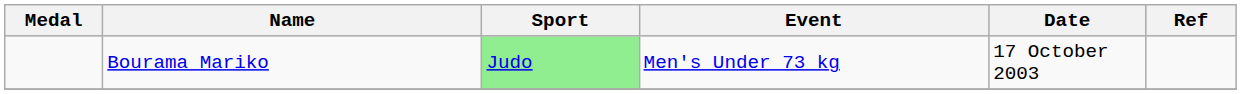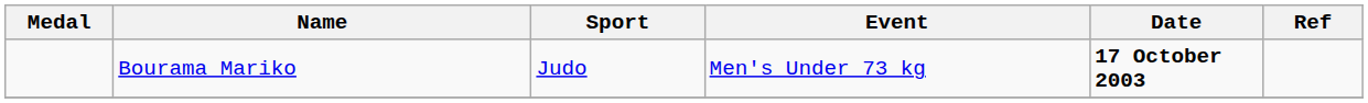 <table class="wikitable sortable" style="font-size:100%">
 <tr>
 <th width="60">Medal</th>
 <th width="250">Name</th>
 <th width="100">Sport</th>
 <th width="230">Event</th>
 <th width="100">Date</th>
 <th width="55">Ref</th>
 </tr>
 <tr>
 <td></td>
 <td><a href='#'>Bourama Mariko</a></td>
-<td style="background: lightgreen;"><a href='#'>Judo</a></td>
+<td><a href='#'>Judo</a></td>
 <td><a href='#'>Men's Under 73 kg</a></td>
-<td>17 October 2003</td>
+<td><strong>17 October 2003</strong></td>
 <td></td>
 </tr>
 <tr>
 </tr>
 </table>
